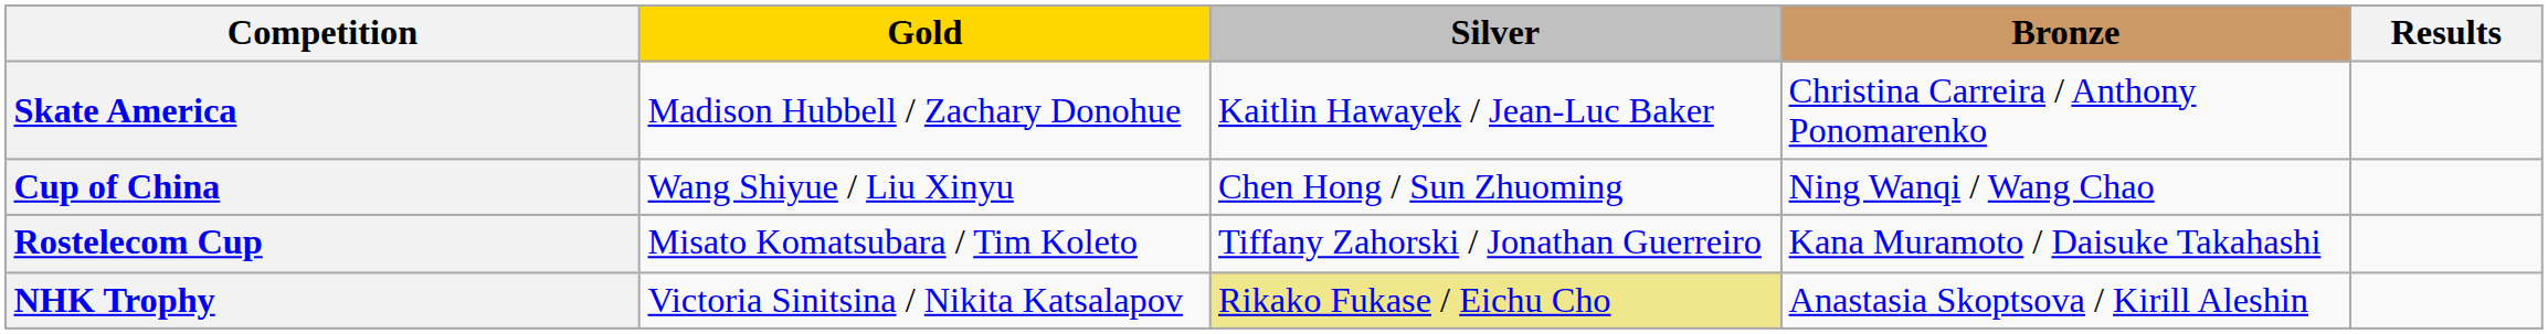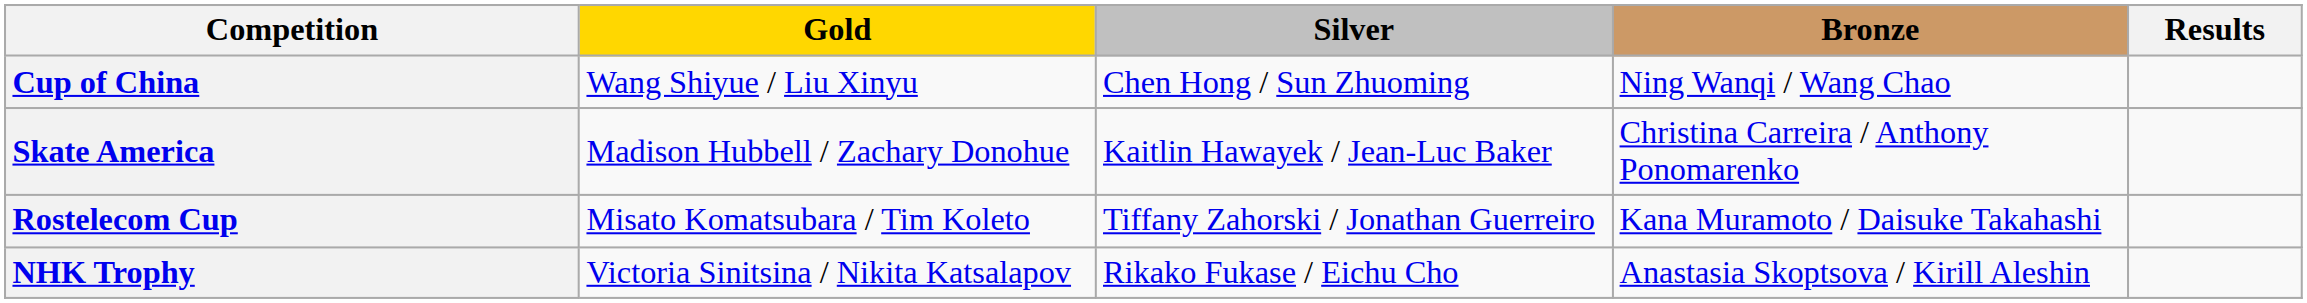 <table class="wikitable unsortable" style="text-align:left; width:90%;">
 <tr>
 <th scope="col" style="text-align:center; width:25%;">Competition</th>
 <td scope="col" style="text-align:center; width:22.5%; background:gold"><strong>Gold</strong></td>
 <td scope="col" style="text-align:center; width:22.5%; background:silver"><strong>Silver</strong></td>
 <td scope="col" style="text-align:center; width:22.5%; background:#c96"><strong>Bronze</strong></td>
 <th scope="col" style="text-align:center; width:7.5%;">Results</th>
 </tr>
 <tr>
+<th scope="row" style="text-align:left"> <a href='#'>Cup of China</a></th>
+<td> <a href='#'>Wang Shiyue</a> / <a href='#'>Liu Xinyu</a></td>
+<td> <a href='#'>Chen Hong</a> / <a href='#'>Sun Zhuoming</a></td>
+<td> <a href='#'>Ning Wanqi</a> / <a href='#'>Wang Chao</a></td>
+<td></td>
+</tr>
+<tr>
 <th scope="row" style="text-align:left"> <a href='#'>Skate America</a></th>
 <td> <a href='#'>Madison Hubbell</a> / <a href='#'>Zachary Donohue</a></td>
 <td> <a href='#'>Kaitlin Hawayek</a> / <a href='#'>Jean-Luc Baker</a></td>
 <td> <a href='#'>Christina Carreira</a> / <a href='#'>Anthony Ponomarenko</a></td>
-<td></td>
-</tr>
-<tr>
-<th scope="row" style="text-align:left"> <a href='#'>Cup of China</a></th>
-<td> <a href='#'>Wang Shiyue</a> / <a href='#'>Liu Xinyu</a></td>
-<td> <a href='#'>Chen Hong</a> / <a href='#'>Sun Zhuoming</a></td>
-<td> <a href='#'>Ning Wanqi</a> / <a href='#'>Wang Chao</a></td>
 <td></td>
 </tr>
 <tr>
 <th scope="row" style="text-align:left"> <a href='#'>Rostelecom Cup</a></th>
 <td> <a href='#'>Misato Komatsubara</a> / <a href='#'>Tim Koleto</a></td>
 <td> <a href='#'>Tiffany Zahorski</a> / <a href='#'>Jonathan Guerreiro</a></td>
 <td> <a href='#'>Kana Muramoto</a> / <a href='#'>Daisuke Takahashi</a></td>
 <td></td>
 </tr>
 <tr>
 <th scope="row" style="text-align:left"> <a href='#'>NHK Trophy</a></th>
 <td> <a href='#'>Victoria Sinitsina</a> / <a href='#'>Nikita Katsalapov</a></td>
-<td style="background: khaki;"> <a href='#'>Rikako Fukase</a> / <a href='#'>Eichu Cho</a></td>
+<td> <a href='#'>Rikako Fukase</a> / <a href='#'>Eichu Cho</a></td>
 <td> <a href='#'>Anastasia Skoptsova</a> / <a href='#'>Kirill Aleshin</a></td>
 <td></td>
 </tr>
 </table>
